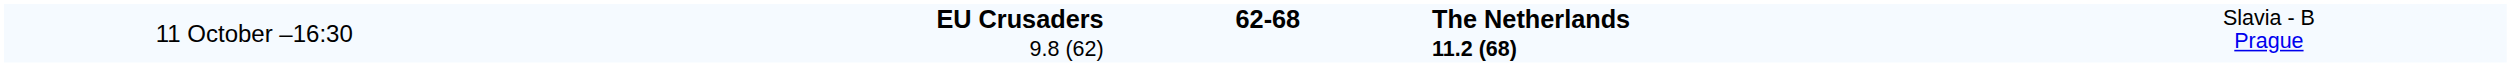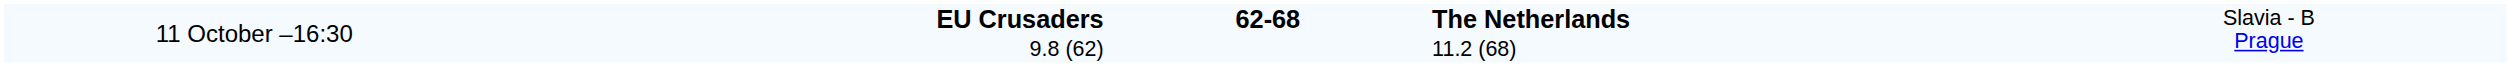 <table style="width: 100%; background:#F5FAFF;" cellspacing="0">
 <tr>
 <td style=font-size:95% align=center rowspan=3 width=20%>11 October –16:30</td>
 </tr>
 <tr>
 <td width=24% align=right><strong>EU Crusaders</strong> </td>
 <td align=center width=13%><strong>62-68</strong></td>
 <td width=24%> <strong>The Netherlands</strong></td>
 <td style=font-size:85% rowspan=3 valign=top align=center>Slavia - B <br><a href='#'>Prague</a></td>
 </tr>
 <tr style=font-size:85%>
 <td align=right>9.8 (62)</td>
 <td align=center></td>
-<td><strong>11.2 (68)</strong></td>
+<td>11.2 (68)</td>
 </tr>
 </table>
